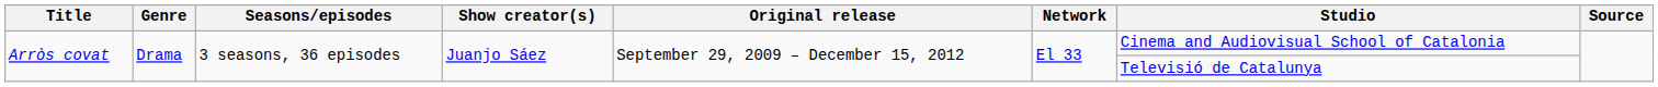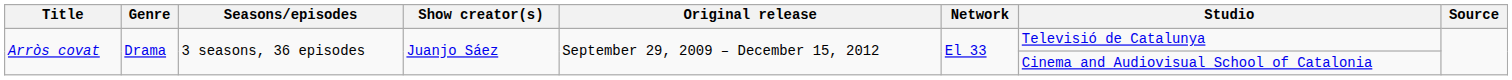 <table class="wikitable sortable" style="text-align: left; font-size:90%; width:100%;">
 <tr>
 <th scope="col">Title</th>
 <th scope="col">Genre</th>
 <th scope="col">Seasons/episodes</th>
 <th scope="col">Show creator(s)</th>
 <th scope="col">Original release</th>
 <th scope="col">Network</th>
 <th scope="col">Studio</th>
 <th scope= "col">Source</th>
 </tr>
 <tr>
 <td rowspan="2"><em><a href='#'>Arròs covat</a></em></td>
 <td rowspan="2"><a href='#'>Drama</a></td>
 <td rowspan="2">3 seasons, 36 episodes</td>
 <td rowspan="2"><a href='#'>Juanjo Sáez</a></td>
 <td rowspan="2">September 29, 2009 – December 15, 2012</td>
 <td rowspan="2"><a href='#'>El 33</a></td>
-<td><a href='#'>Cinema and Audiovisual School of Catalonia</a></td>
+<td><a href='#'>Televisió de Catalunya</a></td>
 <td rowspan="2"></td>
 </tr>
 <tr>
-<td><a href='#'>Televisió de Catalunya</a></td>
+<td><a href='#'>Cinema and Audiovisual School of Catalonia</a></td>
 </tr>
 </table>
